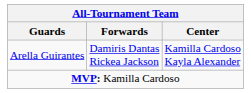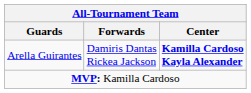 <table class=wikitable style="margin:auto">
 <tr>
 <th colspan=3 align=center><a href='#'>All-Tournament Team</a></th>
 </tr>
 <tr>
 <th>Guards</th>
 <th>Forwards</th>
 <th>Center</th>
 </tr>
 <tr>
 <td> <a href='#'>Arella Guirantes</a></td>
 <td> <a href='#'>Damiris Dantas</a><br> <a href='#'>Rickea Jackson</a></td>
-<td> <a href='#'>Kamilla Cardoso</a><br> <a href='#'>Kayla Alexander</a></td>
+<td><strong> <a href='#'>Kamilla Cardoso</a><br> <a href='#'>Kayla Alexander</a></strong></td>
 </tr>
 <tr>
 <td colspan=3 align=center><strong><a href='#'>MVP</a>:</strong>  Kamilla Cardoso</td>
 </tr>
 </table>
